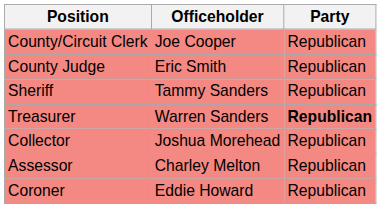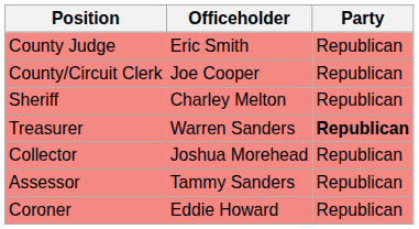 <table class="wikitable mw-collapsible">
 <tr>
 <th>Position</th>
 <th>Officeholder</th>
 <th>Party</th>
 </tr>
 <tr style="background-color:#F48882;">
+<td>County Judge</td>
+<td>Eric Smith</td>
+<td>Republican</td>
+</tr>
+<tr style="background-color:#F48882;">
 <td>County/Circuit Clerk</td>
 <td>Joe Cooper</td>
 <td>Republican</td>
 </tr>
 <tr style="background-color:#F48882;">
-<td>County Judge</td>
-<td>Eric Smith</td>
-<td>Republican</td>
-</tr>
-<tr style="background-color:#F48882;">
 <td>Sheriff</td>
-<td>Tammy Sanders</td>
+<td>Charley Melton</td>
 <td>Republican</td>
 </tr>
 <tr style="background-color:#F48882;">
 <td>Treasurer</td>
 <td>Warren Sanders</td>
 <td><strong>Republican</strong></td>
 </tr>
 <tr style="background-color:#F48882;">
 <td>Collector</td>
 <td>Joshua Morehead</td>
 <td>Republican</td>
 </tr>
 <tr style="background-color:#F48882;">
 <td>Assessor</td>
-<td>Charley Melton</td>
+<td>Tammy Sanders</td>
 <td>Republican</td>
 </tr>
 <tr style="background-color:#F48882;">
 <td>Coroner</td>
 <td>Eddie Howard</td>
 <td>Republican</td>
 </tr>
 </table>
